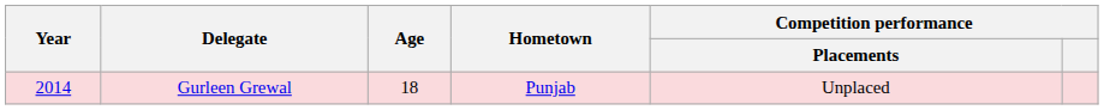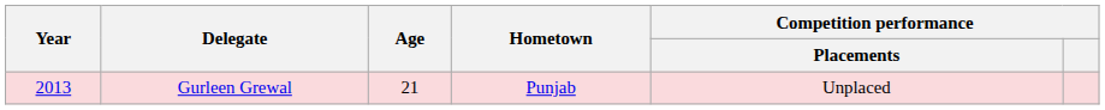 <table class="wikitable" style="text-align:center; line-height:20px; font-size:90%; width:100%;">
 <tr>
 <th rowspan="2">Year</th>
 <th rowspan="2">Delegate</th>
 <th rowspan="2">Age</th>
 <th rowspan="2">Hometown</th>
 <th colspan="2">Competition performance</th>
 </tr>
 <tr>
 <th>Placements</th>
 <th></th>
 </tr>
 <tr style="background-color:#FADADD;: bold">
-<td><a href='#'>2014</a></td>
+<td><a href='#'>2013</a></td>
 <td><a href='#'>Gurleen Grewal</a></td>
-<td>18</td>
+<td>21</td>
 <td><a href='#'>Punjab</a></td>
 <td>Unplaced</td>
 <td style="background:;"></td>
 </tr>
 </table>
